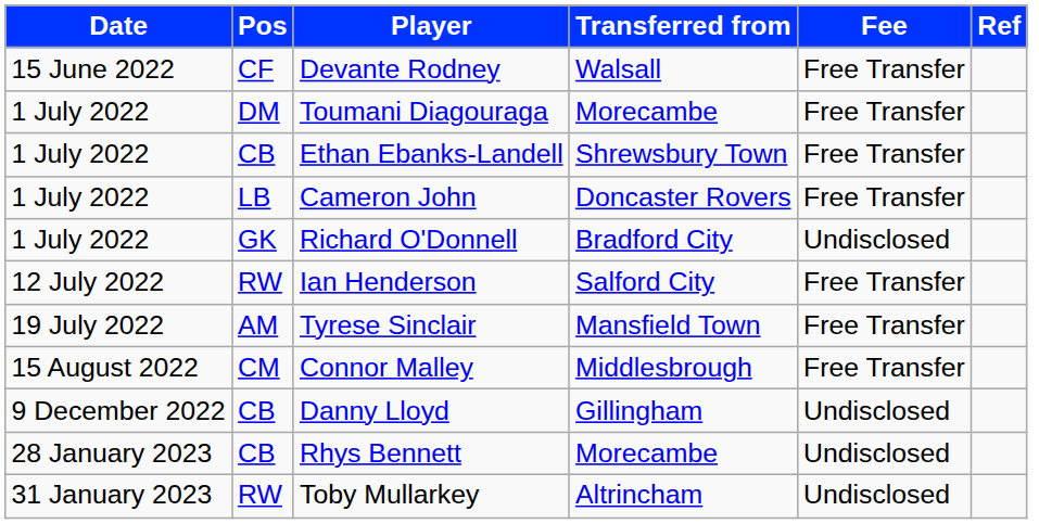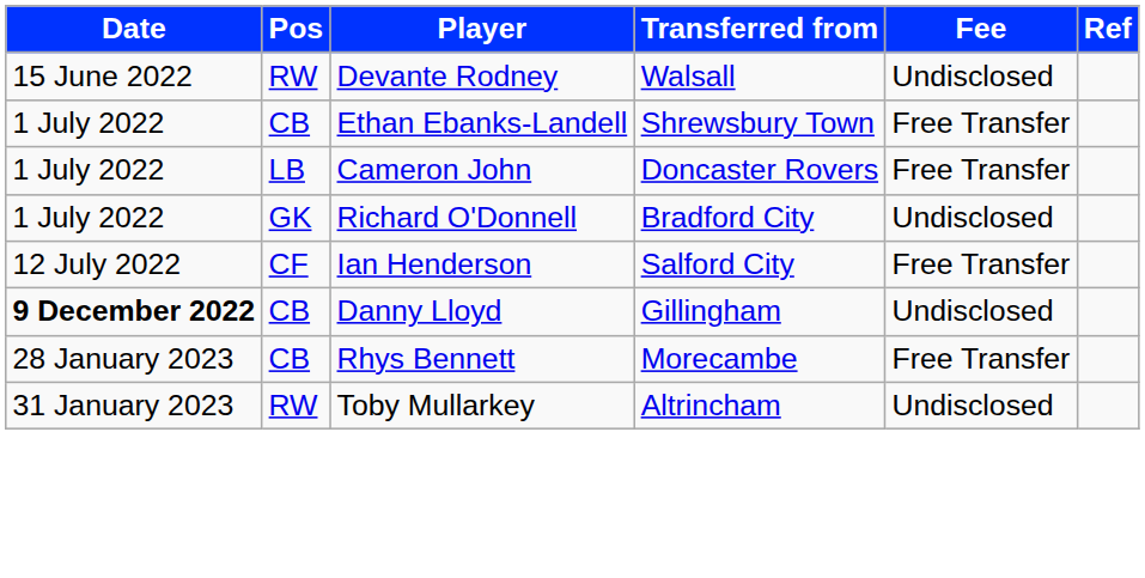 <table class="wikitable plainrowheaders sortable">
 <tr>
 <th style="background:#0033FF; color:#FFFFFF; ">Date</th>
 <th style="background:#0033FF; color:#FFFFFF; ">Pos</th>
 <th style="background:#0033FF; color:#FFFFFF; ">Player</th>
 <th style="background:#0033FF; color:#FFFFFF; ">Transferred from</th>
 <th style="background:#0033FF; color:#FFFFFF; ">Fee</th>
 <th style="background:#0033FF; color:#FFFFFF; ">Ref</th>
 </tr>
 <tr>
 <td>15 June 2022</td>
-<td><a href='#'>CF</a></td>
+<td><a href='#'>RW</a></td>
 <td> <a href='#'>Devante Rodney</a></td>
 <td> <a href='#'>Walsall</a></td>
-<td>Free Transfer</td>
-<td></td>
-</tr>
-<tr>
-<td>1 July 2022</td>
-<td><a href='#'>DM</a></td>
-<td> <a href='#'>Toumani Diagouraga</a></td>
-<td> <a href='#'>Morecambe</a></td>
-<td>Free Transfer</td>
+<td>Undisclosed</td>
 <td></td>
 </tr>
 <tr>
 <td>1 July 2022</td>
 <td><a href='#'>CB</a></td>
 <td> <a href='#'>Ethan Ebanks-Landell</a></td>
 <td> <a href='#'>Shrewsbury Town</a></td>
 <td>Free Transfer</td>
 <td></td>
 </tr>
 <tr>
 <td>1 July 2022</td>
 <td><a href='#'>LB</a></td>
 <td> <a href='#'>Cameron John</a></td>
 <td> <a href='#'>Doncaster Rovers</a></td>
 <td>Free Transfer</td>
 <td></td>
 </tr>
 <tr>
 <td>1 July 2022</td>
 <td><a href='#'>GK</a></td>
 <td> <a href='#'>Richard O'Donnell</a></td>
 <td> <a href='#'>Bradford City</a></td>
 <td>Undisclosed</td>
 <td></td>
 </tr>
 <tr>
 <td>12 July 2022</td>
-<td><a href='#'>RW</a></td>
+<td><a href='#'>CF</a></td>
 <td> <a href='#'>Ian Henderson</a></td>
 <td> <a href='#'>Salford City</a></td>
 <td>Free Transfer</td>
 <td></td>
 </tr>
 <tr>
-<td>19 July 2022</td>
-<td><a href='#'>AM</a></td>
-<td> <a href='#'>Tyrese Sinclair</a></td>
-<td> <a href='#'>Mansfield Town</a></td>
-<td>Free Transfer</td>
-<td></td>
-</tr>
-<tr>
-<td>15 August 2022</td>
-<td><a href='#'>CM</a></td>
-<td> <a href='#'>Connor Malley</a></td>
-<td> <a href='#'>Middlesbrough</a></td>
-<td>Free Transfer</td>
-<td></td>
-</tr>
-<tr>
-<td>9 December 2022</td>
+<td><strong>9 December 2022</strong></td>
 <td><a href='#'>CB</a></td>
 <td> <a href='#'>Danny Lloyd</a></td>
 <td> <a href='#'>Gillingham</a></td>
 <td>Undisclosed</td>
 <td></td>
 </tr>
 <tr>
 <td>28 January 2023</td>
 <td><a href='#'>CB</a></td>
 <td> <a href='#'>Rhys Bennett</a></td>
 <td> <a href='#'>Morecambe</a></td>
-<td>Undisclosed</td>
+<td>Free Transfer</td>
 <td></td>
 </tr>
 <tr>
 <td>31 January 2023</td>
 <td><a href='#'>RW</a></td>
 <td> Toby Mullarkey</td>
 <td> <a href='#'>Altrincham</a></td>
 <td>Undisclosed</td>
 <td></td>
 </tr>
 </table>
